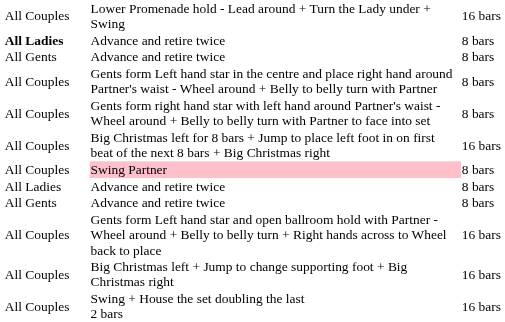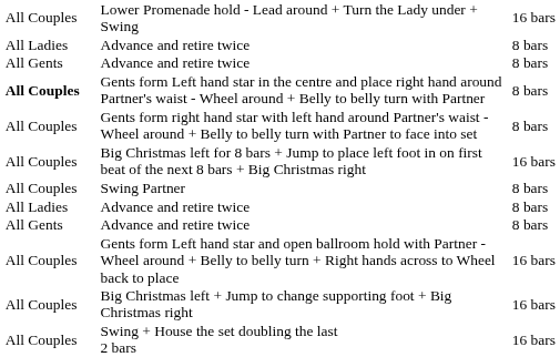 <table cellspacing=0 border=0 cellpadding=1>
 <tr>
 <td style="width:100px">All Couples</td>
 <td style="width:440px">Lower Promenade hold - Lead around + Turn the Lady under + Swing</td>
 <td style="width:60px">16 bars</td>
 </tr>
 <tr>
-<td><strong>All Ladies</strong></td>
+<td>All Ladies</td>
 <td>Advance and retire twice</td>
 <td>8 bars</td>
 </tr>
 <tr>
 <td>All Gents</td>
 <td>Advance and retire twice</td>
 <td>8 bars</td>
 </tr>
 <tr>
-<td>All Couples</td>
+<td><strong>All Couples</strong></td>
 <td>Gents form Left hand star in the centre and place right hand around Partner's waist - Wheel around + Belly to belly turn with Partner</td>
 <td>8 bars</td>
 </tr>
 <tr>
 <td>All Couples</td>
 <td>Gents form right hand star with left hand around Partner's waist - Wheel around + Belly to belly turn with Partner to face into set</td>
 <td>8 bars</td>
 </tr>
 <tr>
 <td>All Couples</td>
 <td>Big Christmas left for 8 bars + Jump to place left foot in on first beat of the next 8 bars + Big Christmas right</td>
 <td>16 bars</td>
 </tr>
 <tr>
 <td>All Couples</td>
-<td style="background: pink;">Swing Partner</td>
+<td>Swing Partner</td>
 <td>8 bars</td>
 </tr>
 <tr>
 <td>All Ladies</td>
 <td>Advance and retire twice</td>
 <td>8 bars</td>
 </tr>
 <tr>
 <td>All Gents</td>
 <td>Advance and retire twice</td>
 <td>8 bars</td>
 </tr>
 <tr>
 <td>All Couples</td>
 <td>Gents form Left hand star and open ballroom hold with Partner - Wheel around + Belly to belly turn + Right hands across to Wheel back to place</td>
 <td>16 bars</td>
 </tr>
 <tr>
 <td>All Couples</td>
 <td>Big Christmas left + Jump to change supporting foot + Big Christmas right</td>
 <td>16 bars</td>
 </tr>
 <tr>
 <td>All Couples</td>
 <td>Swing + House the set doubling the last<br>2 bars</td>
 <td>16 bars</td>
 </tr>
 </table>
